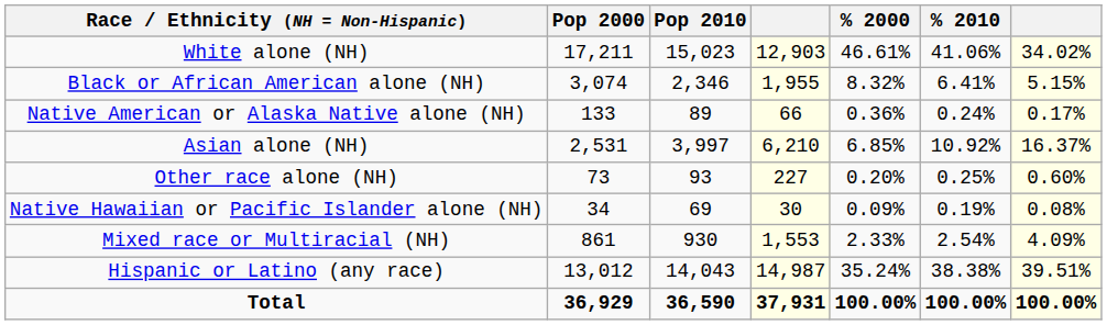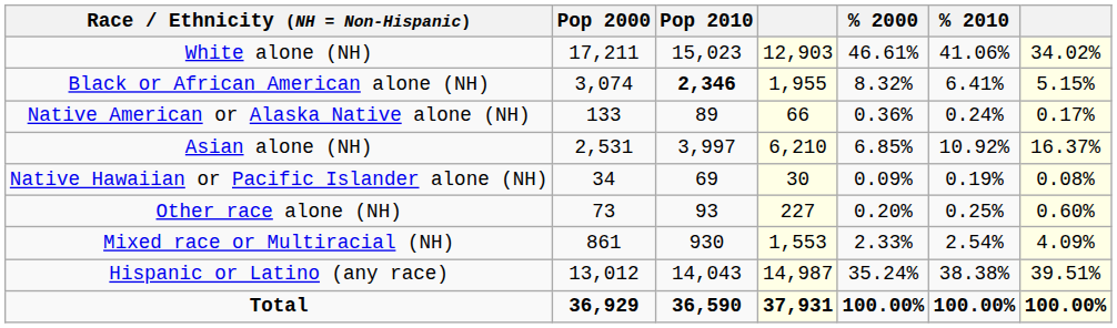 <table class="wikitable" style="text-align:center;">
 <tr>
 <th>Race / Ethnicity <small>(<em>NH = Non-Hispanic</em>)</small></th>
 <th>Pop 2000</th>
 <th>Pop 2010</th>
 <th></th>
 <th>% 2000</th>
 <th>% 2010</th>
 <th></th>
 </tr>
 <tr>
 <td><a href='#'>White</a> alone (NH)</td>
 <td>17,211</td>
 <td>15,023</td>
 <td style='background: #ffffe6;'>12,903</td>
 <td>46.61%</td>
 <td>41.06%</td>
 <td style='background: #ffffe6;'>34.02%</td>
 </tr>
 <tr>
 <td><a href='#'>Black or African American</a> alone (NH)</td>
 <td>3,074</td>
-<td>2,346</td>
+<td><strong>2,346</strong></td>
 <td style='background: #ffffe6;'>1,955</td>
 <td>8.32%</td>
 <td>6.41%</td>
 <td style='background: #ffffe6;'>5.15%</td>
 </tr>
 <tr>
 <td><a href='#'>Native American</a> or <a href='#'>Alaska Native</a> alone (NH)</td>
 <td>133</td>
 <td>89</td>
 <td style='background: #ffffe6;'>66</td>
 <td>0.36%</td>
 <td>0.24%</td>
 <td style='background: #ffffe6;'>0.17%</td>
 </tr>
 <tr>
 <td><a href='#'>Asian</a> alone (NH)</td>
 <td>2,531</td>
 <td>3,997</td>
 <td style='background: #ffffe6;'>6,210</td>
 <td>6.85%</td>
 <td>10.92%</td>
 <td style='background: #ffffe6;'>16.37%</td>
 </tr>
 <tr>
+<td><a href='#'>Native Hawaiian</a> or <a href='#'>Pacific Islander</a> alone (NH)</td>
+<td>34</td>
+<td>69</td>
+<td style='background: #ffffe6;'>30</td>
+<td>0.09%</td>
+<td>0.19%</td>
+<td style='background: #ffffe6;'>0.08%</td>
+</tr>
+<tr>
 <td><a href='#'>Other race</a> alone (NH)</td>
 <td>73</td>
 <td>93</td>
 <td style='background: #ffffe6;'>227</td>
 <td>0.20%</td>
 <td>0.25%</td>
 <td style='background: #ffffe6;'>0.60%</td>
-</tr>
-<tr>
-<td><a href='#'>Native Hawaiian</a> or <a href='#'>Pacific Islander</a> alone (NH)</td>
-<td>34</td>
-<td>69</td>
-<td style='background: #ffffe6;'>30</td>
-<td>0.09%</td>
-<td>0.19%</td>
-<td style='background: #ffffe6;'>0.08%</td>
 </tr>
 <tr>
 <td><a href='#'>Mixed race or Multiracial</a> (NH)</td>
 <td>861</td>
 <td>930</td>
 <td style='background: #ffffe6;'>1,553</td>
 <td>2.33%</td>
 <td>2.54%</td>
 <td style='background: #ffffe6;'>4.09%</td>
 </tr>
 <tr>
 <td><a href='#'>Hispanic or Latino</a> (any race)</td>
 <td>13,012</td>
 <td>14,043</td>
 <td style='background: #ffffe6;'>14,987</td>
 <td>35.24%</td>
 <td>38.38%</td>
 <td style='background: #ffffe6;'>39.51%</td>
 </tr>
 <tr>
 <td><strong>Total</strong></td>
 <td><strong>36,929</strong></td>
 <td><strong>36,590</strong></td>
 <td style='background: #ffffe6;'><strong>37,931</strong></td>
 <td><strong>100.00%</strong></td>
 <td><strong>100.00%</strong></td>
 <td style='background: #ffffe6;'><strong>100.00%</strong></td>
 </tr>
 </table>
